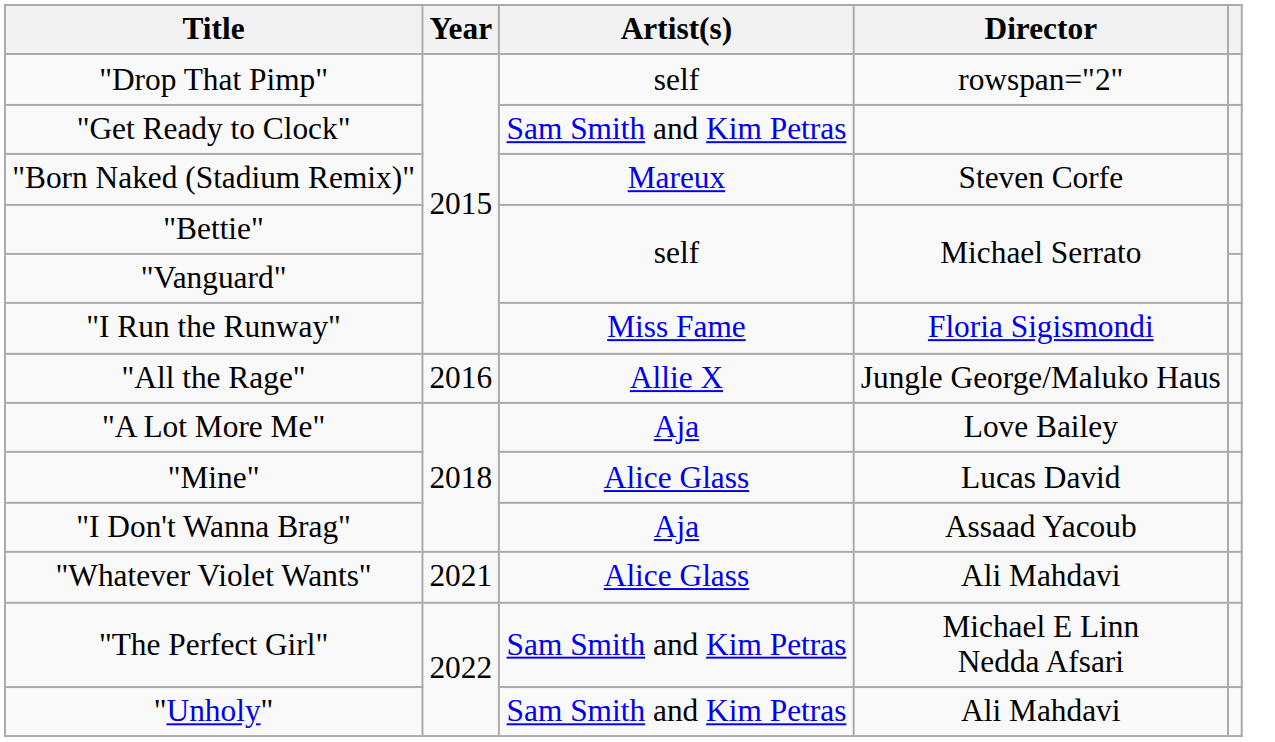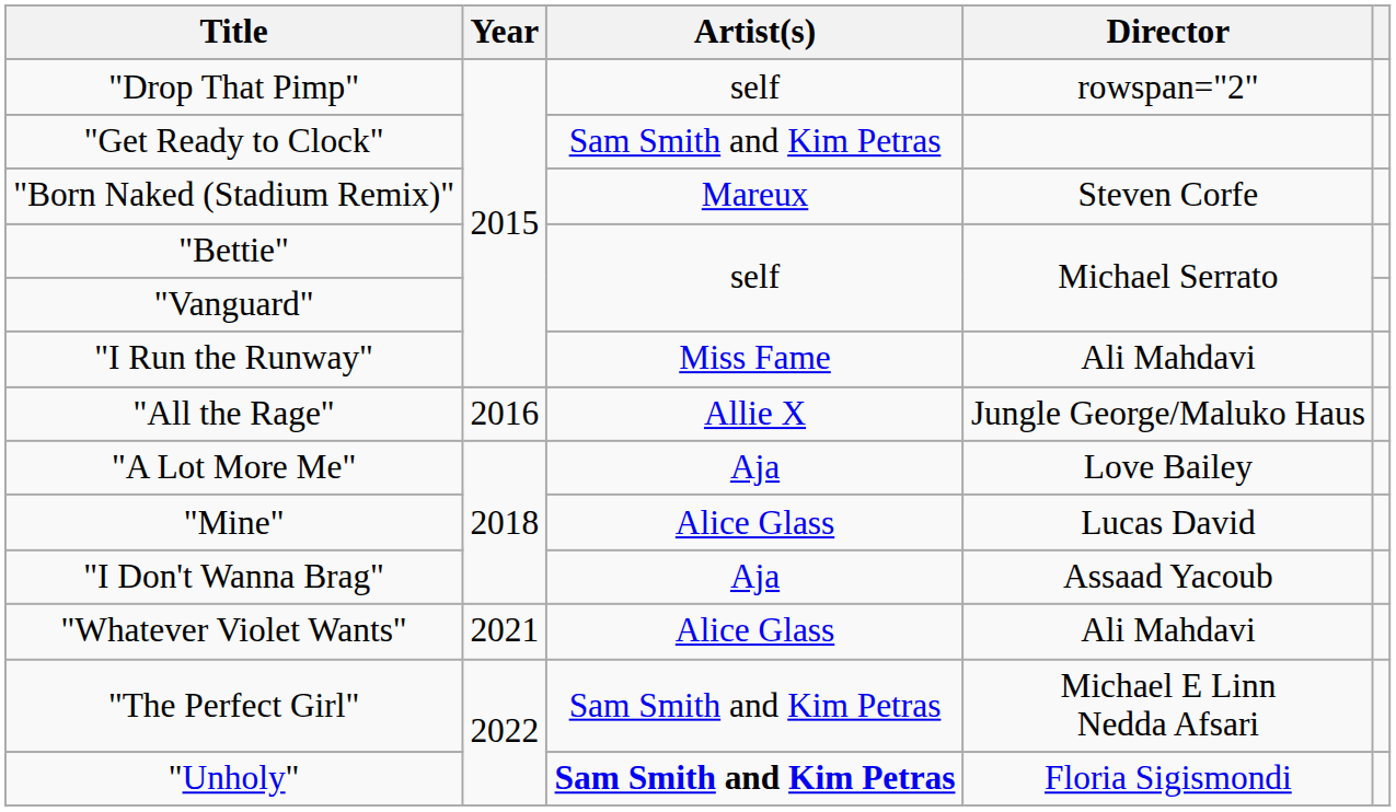 <table class="wikitable plainrowheaders" style="text-align:center;">
 <tr>
 <th>Title</th>
 <th>Year</th>
 <th>Artist(s)</th>
 <th>Director</th>
 <th></th>
 </tr>
 <tr>
 <td>"Drop That Pimp"</td>
 <td rowspan="6">2015</td>
 <td>self</td>
 <td>rowspan="2" </td>
 <td></td>
 </tr>
 <tr>
 <td>"Get Ready to Clock"</td>
 <td><a href='#'>Sam Smith</a> and <a href='#'>Kim Petras</a></td>
 <td></td>
 </tr>
 <tr>
 <td>"Born Naked (Stadium Remix)"</td>
 <td><a href='#'>Mareux</a></td>
 <td>Steven Corfe</td>
 <td></td>
 </tr>
 <tr>
 <td>"Bettie"</td>
 <td rowspan="2">self</td>
 <td rowspan="2">Michael Serrato</td>
 <td></td>
 </tr>
 <tr>
 <td>"Vanguard"</td>
 <td></td>
 </tr>
 <tr>
 <td>"I Run the Runway"</td>
 <td><a href='#'>Miss Fame</a></td>
-<td><a href='#'>Floria Sigismondi</a></td>
+<td>Ali Mahdavi</td>
 <td></td>
 </tr>
 <tr>
 <td>"All the Rage"</td>
 <td>2016</td>
 <td><a href='#'>Allie X</a></td>
 <td>Jungle George/Maluko Haus</td>
 <td></td>
 </tr>
 <tr>
 <td>"A Lot More Me"</td>
 <td rowspan="3">2018</td>
 <td><a href='#'>Aja</a></td>
 <td>Love Bailey</td>
 <td></td>
 </tr>
 <tr>
 <td>"Mine"</td>
 <td><a href='#'>Alice Glass</a></td>
 <td>Lucas David</td>
 <td></td>
 </tr>
 <tr>
 <td>"I Don't Wanna Brag"</td>
 <td><a href='#'>Aja</a></td>
 <td>Assaad Yacoub</td>
 <td></td>
 </tr>
 <tr>
 <td>"Whatever Violet Wants"</td>
 <td>2021</td>
 <td><a href='#'>Alice Glass</a></td>
 <td>Ali Mahdavi</td>
 <td></td>
 </tr>
 <tr>
 <td>"The Perfect Girl"</td>
 <td rowspan="2">2022</td>
 <td><a href='#'>Sam Smith</a> and <a href='#'>Kim Petras</a></td>
 <td>Michael E Linn<br>Nedda Afsari</td>
 <td></td>
 </tr>
 <tr>
 <td>"<a href='#'>Unholy</a>"</td>
-<td><a href='#'>Sam Smith</a> and <a href='#'>Kim Petras</a></td>
-<td>Ali Mahdavi</td>
+<td><strong><a href='#'>Sam Smith</a> and <a href='#'>Kim Petras</a></strong></td>
+<td><a href='#'>Floria Sigismondi</a></td>
 <td></td>
 </tr>
 </table>
